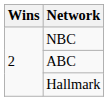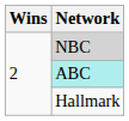 <table class="wikitable">
 <tr>
 <th>Wins</th>
 <th>Network</th>
 </tr>
 <tr>
 <td rowspan="3">2</td>
-<td>NBC</td>
+<td style="background: lightgrey;">NBC</td>
 </tr>
 <tr>
-<td>ABC</td>
+<td style="background: paleturquoise;">ABC</td>
 </tr>
 <tr>
 <td>Hallmark</td>
 </tr>
 </table>
